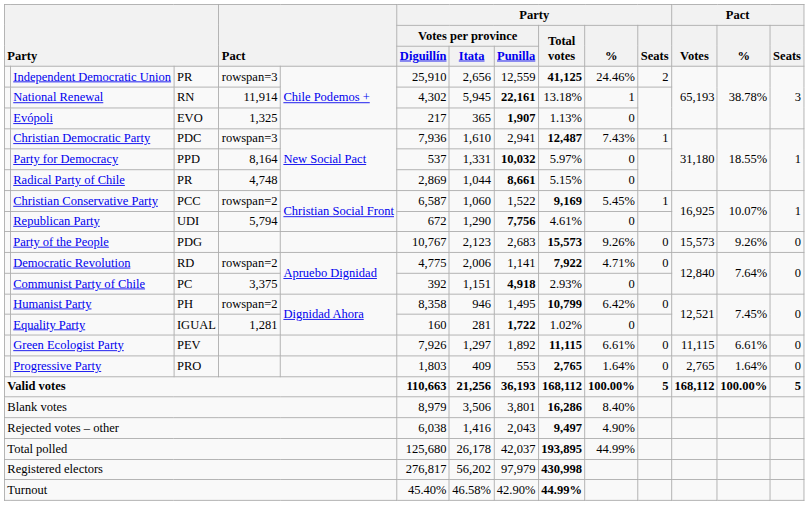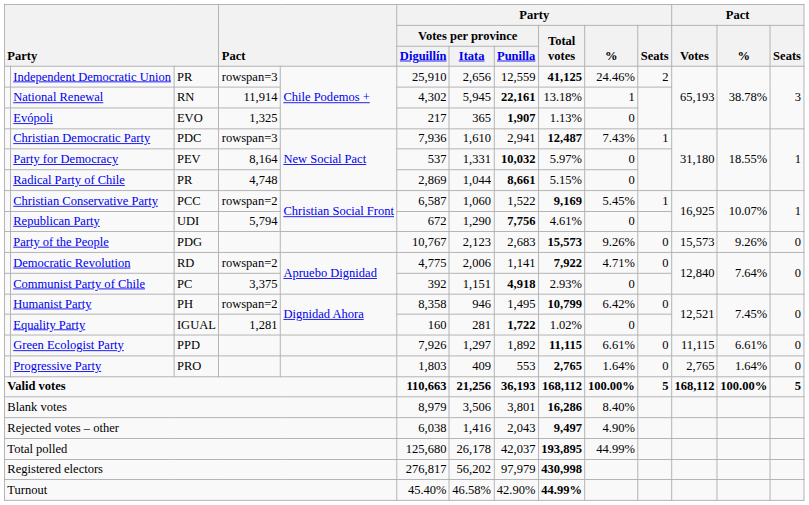 <table class="wikitable" border="1" style="font-size:90%; text-align:right; white-space: nowrap;">
 <tr>
 <th style="text-align:left;" valign=bottom rowspan=3 colspan=3>Party</th>
 <th style="text-align:left;" valign=bottom rowspan=3 colspan=2>Pact</th>
 <th colspan=6>Party</th>
 <th colspan=3>Pact</th>
 </tr>
 <tr>
 <th colspan=3>Votes per province</th>
 <th align=center valign=bottom rowspan=2 width="40">Total<br>votes</th>
 <th align=center valign=bottom rowspan=2 width="40">%</th>
 <th align=center valign=bottom rowspan=2>Seats</th>
 <th align=center valign=bottom rowspan=2 width="40">Votes</th>
 <th align=center valign=bottom rowspan=2 width="40">%</th>
 <th align=center valign=bottom rowspan=2>Seats</th>
 </tr>
 <tr>
 <th align=center valign=bottom width="40"><a href='#'>Diguillín</a></th>
 <th align=center valign=bottom width="40"><a href='#'>Itata</a></th>
 <th align=center valign=bottom width="40"><a href='#'>Punilla</a></th>
 </tr>
 <tr>
 <td></td>
 <td align=left><a href='#'>Independent Democratic Union</a></td>
 <td align=left>PR</td>
 <td>rowspan=3 </td>
 <td rowspan=3 align=left><a href='#'>Chile Podemos +</a></td>
 <td>25,910</td>
 <td>2,656</td>
 <td>12,559</td>
 <td><strong>41,125</strong></td>
 <td>24.46%</td>
 <td>2</td>
 <td rowspan=3>65,193</td>
 <td rowspan=3>38.78%</td>
 <td rowspan=3>3</td>
 </tr>
 <tr>
 <td></td>
 <td align=left><a href='#'>National Renewal</a></td>
 <td align=left>RN</td>
 <td>11,914</td>
 <td>4,302</td>
 <td>5,945</td>
 <td><strong>22,161</strong></td>
 <td>13.18%</td>
 <td>1</td>
 </tr>
 <tr>
 <td></td>
 <td align=left><a href='#'>Evópoli</a></td>
 <td align=left>EVO</td>
 <td>1,325</td>
 <td>217</td>
 <td>365</td>
 <td><strong>1,907</strong></td>
 <td>1.13%</td>
 <td>0</td>
 </tr>
 <tr>
 <td></td>
 <td align=left><a href='#'>Christian Democratic Party</a></td>
 <td align=left>PDC</td>
 <td>rowspan=3 </td>
 <td rowspan=3 align=left><a href='#'>New Social Pact</a></td>
 <td>7,936</td>
 <td>1,610</td>
 <td>2,941</td>
 <td><strong>12,487</strong></td>
 <td>7.43%</td>
 <td>1</td>
 <td rowspan=3>31,180</td>
 <td rowspan=3>18.55%</td>
 <td rowspan=3>1</td>
 </tr>
 <tr>
 <td></td>
 <td align=left><a href='#'>Party for Democracy</a></td>
-<td align=left>PPD</td>
+<td align=left>PEV</td>
 <td>8,164</td>
 <td>537</td>
 <td>1,331</td>
 <td><strong>10,032</strong></td>
 <td>5.97%</td>
 <td>0</td>
 </tr>
 <tr>
 <td></td>
 <td align=left><a href='#'>Radical Party of Chile</a></td>
 <td align=left>PR</td>
 <td>4,748</td>
 <td>2,869</td>
 <td>1,044</td>
 <td><strong>8,661</strong></td>
 <td>5.15%</td>
 <td>0</td>
 </tr>
 <tr>
 <td></td>
 <td align=left><a href='#'>Christian Conservative Party</a></td>
 <td align=left>PCC</td>
 <td>rowspan=2 </td>
 <td rowspan=2 align=left><a href='#'>Christian Social Front</a></td>
 <td>6,587</td>
 <td>1,060</td>
 <td>1,522</td>
 <td><strong>9,169</strong></td>
 <td>5.45%</td>
 <td>1</td>
 <td rowspan=2>16,925</td>
 <td rowspan=2>10.07%</td>
 <td rowspan=2>1</td>
 </tr>
 <tr>
 <td></td>
 <td align=left><a href='#'>Republican Party</a></td>
 <td align=left>UDI</td>
 <td>5,794</td>
 <td>672</td>
 <td>1,290</td>
 <td><strong>7,756</strong></td>
 <td>4.61%</td>
 <td>0</td>
 </tr>
 <tr>
 <td></td>
 <td align=left><a href='#'>Party of the People</a></td>
 <td align=left>PDG</td>
 <td></td>
 <td></td>
 <td>10,767</td>
 <td>2,123</td>
 <td>2,683</td>
 <td><strong>15,573</strong></td>
 <td>9.26%</td>
 <td>0</td>
 <td>15,573</td>
 <td>9.26%</td>
 <td>0</td>
 </tr>
 <tr>
 <td></td>
 <td align=left><a href='#'>Democratic Revolution</a></td>
 <td align=left>RD</td>
 <td>rowspan=2 </td>
 <td rowspan=2 align=left><a href='#'>Apruebo Dignidad</a></td>
 <td>4,775</td>
 <td>2,006</td>
 <td>1,141</td>
 <td><strong>7,922</strong></td>
 <td>4.71%</td>
 <td>0</td>
 <td rowspan=2>12,840</td>
 <td rowspan=2>7.64%</td>
 <td rowspan=2>0</td>
 </tr>
 <tr>
 <td></td>
 <td align=left><a href='#'>Communist Party of Chile</a></td>
 <td align=left>PC</td>
 <td>3,375</td>
 <td>392</td>
 <td>1,151</td>
 <td><strong>4,918</strong></td>
 <td>2.93%</td>
 <td>0</td>
 </tr>
 <tr>
 <td></td>
 <td align=left><a href='#'>Humanist Party</a></td>
 <td align=left>PH</td>
 <td>rowspan=2 </td>
 <td rowspan=2 align=left><a href='#'>Dignidad Ahora</a></td>
 <td>8,358</td>
 <td>946</td>
 <td>1,495</td>
 <td><strong>10,799</strong></td>
 <td>6.42%</td>
 <td>0</td>
 <td rowspan=2>12,521</td>
 <td rowspan=2>7.45%</td>
 <td rowspan=2>0</td>
 </tr>
 <tr>
 <td></td>
 <td align=left><a href='#'>Equality Party</a></td>
 <td align=left>IGUAL</td>
 <td>1,281</td>
 <td>160</td>
 <td>281</td>
 <td><strong>1,722</strong></td>
 <td>1.02%</td>
 <td>0</td>
 </tr>
 <tr>
 <td></td>
 <td align=left><a href='#'>Green Ecologist Party</a></td>
-<td align=left>PEV</td>
+<td align=left>PPD</td>
 <td></td>
 <td></td>
 <td>7,926</td>
 <td>1,297</td>
 <td>1,892</td>
 <td><strong>11,115</strong></td>
 <td>6.61%</td>
 <td>0</td>
 <td>11,115</td>
 <td>6.61%</td>
 <td>0</td>
 </tr>
 <tr>
 <td></td>
 <td align=left><a href='#'>Progressive Party</a></td>
 <td align=left>PRO</td>
 <td></td>
 <td></td>
 <td>1,803</td>
 <td>409</td>
 <td>553</td>
 <td><strong>2,765</strong></td>
 <td>1.64%</td>
 <td>0</td>
 <td>2,765</td>
 <td>1.64%</td>
 <td>0</td>
 </tr>
 <tr style="font-weight:bold">
 <td align=left colspan=5>Valid votes</td>
 <td>110,663</td>
 <td>21,256</td>
 <td>36,193</td>
 <td>168,112</td>
 <td>100.00%</td>
 <td>5</td>
 <td>168,112</td>
 <td>100.00%</td>
 <td>5</td>
 </tr>
 <tr>
 <td align=left colspan=5>Blank votes</td>
 <td>8,979</td>
 <td>3,506</td>
 <td>3,801</td>
 <td><strong>16,286</strong></td>
 <td>8.40%</td>
 <td></td>
 <td></td>
 <td></td>
 <td></td>
 </tr>
 <tr>
 <td align=left colspan=5>Rejected votes – other</td>
 <td>6,038</td>
 <td>1,416</td>
 <td>2,043</td>
 <td><strong>9,497</strong></td>
 <td>4.90%</td>
 <td></td>
 <td></td>
 <td></td>
 <td></td>
 </tr>
 <tr>
 <td align=left colspan=5>Total polled</td>
 <td>125,680</td>
 <td>26,178</td>
 <td>42,037</td>
 <td><strong>193,895</strong></td>
 <td>44.99%</td>
 <td></td>
 <td></td>
 <td></td>
 <td></td>
 </tr>
 <tr>
 <td align=left colspan=5>Registered electors</td>
 <td>276,817</td>
 <td>56,202</td>
 <td>97,979</td>
 <td><strong>430,998</strong></td>
 <td></td>
 <td></td>
 <td></td>
 <td></td>
 <td></td>
 </tr>
 <tr>
 <td align=left colspan=5>Turnout</td>
 <td>45.40%</td>
 <td>46.58%</td>
 <td>42.90%</td>
 <td><strong>44.99%</strong></td>
 <td></td>
 <td></td>
 <td></td>
 <td></td>
 <td></td>
 </tr>
 </table>
